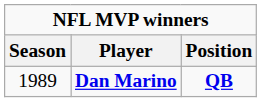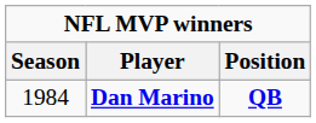 <table class="wikitable" style="text-align:center">
 <tr>
 <td colspan="3"><strong>NFL MVP winners</strong></td>
 </tr>
 <tr>
 <th>Season</th>
 <th>Player</th>
 <th>Position</th>
 </tr>
 <tr>
-<td>1989</td>
+<td>1984</td>
 <td><strong><a href='#'>Dan Marino</a></strong></td>
 <td><strong><a href='#'>QB</a></strong></td>
 </tr>
 </table>
